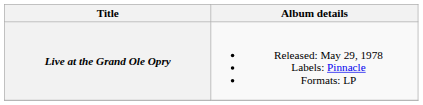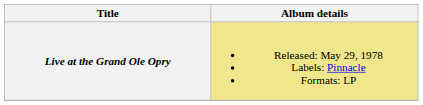 <table class="wikitable plainrowheaders" style="text-align:center;">
 <tr>
 <th scope="col" style="width:18em;">Title</th>
 <th scope="col" style="width:18em;">Album details</th>
 </tr>
 <tr>
 <th scope="row"><em>Live at the Grand Ole Opry</em><br></th>
-<td><br><ul><li>Released: May 29, 1978</li><li>Labels: <a href='#'>Pinnacle</a></li><li>Formats: LP</li></ul></td>
+<td style="background: khaki;"><br><ul><li>Released: May 29, 1978</li><li>Labels: <a href='#'>Pinnacle</a></li><li>Formats: LP</li></ul></td>
 </tr>
 <tr>
 </tr>
 </table>
